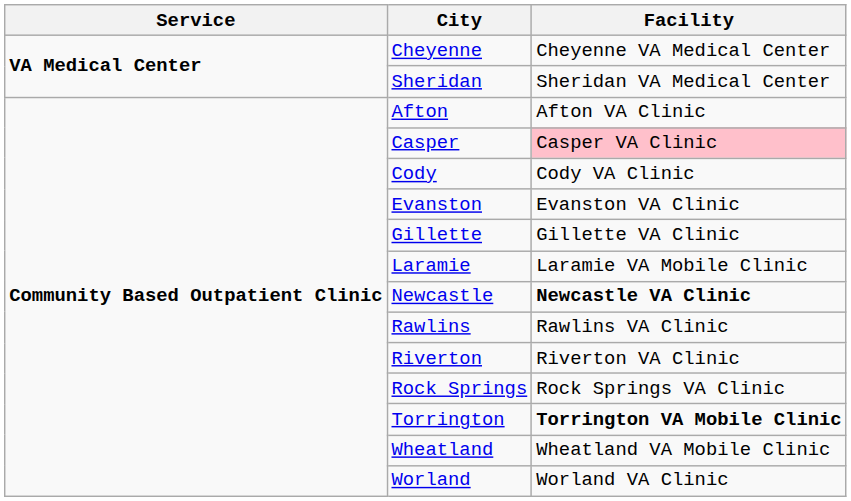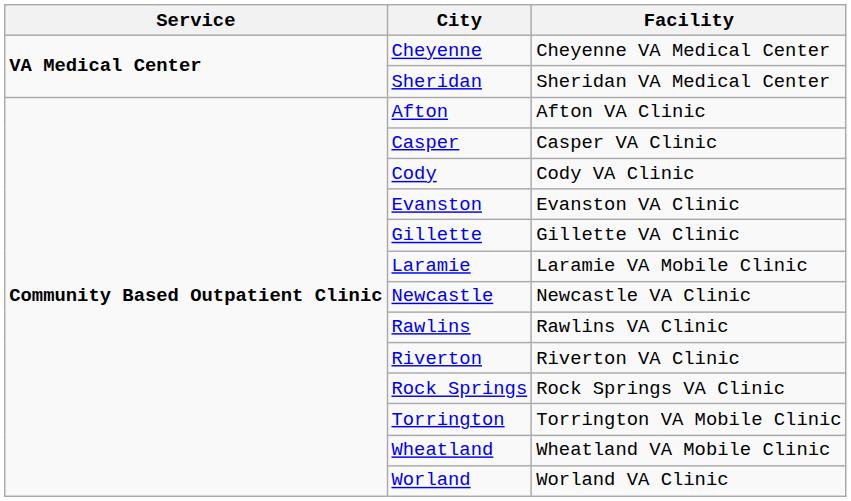 <table class="wikitable">
 <tr>
 <th>Service</th>
 <th>City</th>
 <th>Facility</th>
 </tr>
 <tr>
 <td rowspan=2><strong>VA Medical Center</strong></td>
 <td><a href='#'>Cheyenne</a></td>
 <td>Cheyenne VA Medical Center</td>
 </tr>
 <tr>
 <td><a href='#'>Sheridan</a></td>
 <td>Sheridan VA Medical Center</td>
 </tr>
 <tr>
 <td rowspan=13><strong>Community Based Outpatient Clinic</strong></td>
 <td><a href='#'>Afton</a></td>
 <td>Afton VA Clinic</td>
 </tr>
 <tr>
 <td><a href='#'>Casper</a></td>
-<td style="background: pink;">Casper VA Clinic</td>
+<td>Casper VA Clinic</td>
 </tr>
 <tr>
 <td><a href='#'>Cody</a></td>
 <td>Cody VA Clinic</td>
 </tr>
 <tr>
 <td><a href='#'>Evanston</a></td>
 <td>Evanston VA Clinic</td>
 </tr>
 <tr>
 <td><a href='#'>Gillette</a></td>
 <td>Gillette VA Clinic</td>
 </tr>
 <tr>
 <td><a href='#'>Laramie</a></td>
 <td>Laramie VA Mobile Clinic</td>
 </tr>
 <tr>
 <td><a href='#'>Newcastle</a></td>
-<td><strong>Newcastle VA Clinic</strong></td>
+<td>Newcastle VA Clinic</td>
 </tr>
 <tr>
 <td><a href='#'>Rawlins</a></td>
 <td>Rawlins VA Clinic</td>
 </tr>
 <tr>
 <td><a href='#'>Riverton</a></td>
 <td>Riverton VA Clinic</td>
 </tr>
 <tr>
 <td><a href='#'>Rock Springs</a></td>
 <td>Rock Springs VA Clinic</td>
 </tr>
 <tr>
 <td><a href='#'>Torrington</a></td>
-<td><strong>Torrington VA Mobile Clinic</strong></td>
+<td>Torrington VA Mobile Clinic</td>
 </tr>
 <tr>
 <td><a href='#'>Wheatland</a></td>
 <td>Wheatland VA Mobile Clinic</td>
 </tr>
 <tr>
 <td><a href='#'>Worland</a></td>
 <td>Worland VA Clinic</td>
 </tr>
 </table>
